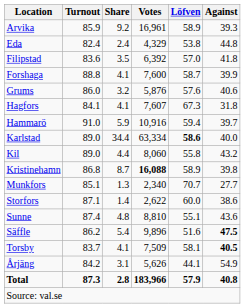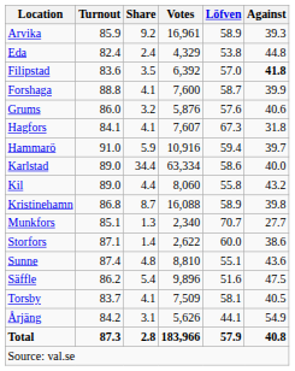 <table class="wikitable sortable" style=text-align:right>
 <tr>
 <th>Location</th>
 <th>Turnout</th>
 <th>Share</th>
 <th>Votes</th>
 <th><a href='#'>Löfven</a></th>
 <th>Against</th>
 </tr>
 <tr>
 <td align=left><a href='#'>Arvika</a></td>
 <td>85.9</td>
 <td>9.2</td>
 <td>16,961</td>
 <td>58.9</td>
 <td>39.3</td>
 </tr>
 <tr>
 <td align=left><a href='#'>Eda</a></td>
 <td>82.4</td>
 <td>2.4</td>
 <td>4,329</td>
 <td>53.8</td>
 <td>44.8</td>
 </tr>
 <tr>
 <td align=left><a href='#'>Filipstad</a></td>
 <td>83.6</td>
 <td>3.5</td>
 <td>6,392</td>
 <td>57.0</td>
-<td>41.8</td>
+<td><strong>41.8</strong></td>
 </tr>
 <tr>
 <td align=left><a href='#'>Forshaga</a></td>
 <td>88.8</td>
 <td>4.1</td>
 <td>7,600</td>
 <td>58.7</td>
 <td>39.9</td>
 </tr>
 <tr>
 <td align=left><a href='#'>Grums</a></td>
 <td>86.0</td>
 <td>3.2</td>
 <td>5,876</td>
 <td>57.6</td>
 <td>40.6</td>
 </tr>
 <tr>
 <td align=left><a href='#'>Hagfors</a></td>
 <td>84.1</td>
 <td>4.1</td>
 <td>7,607</td>
 <td>67.3</td>
 <td>31.8</td>
 </tr>
 <tr>
 <td align=left><a href='#'>Hammarö</a></td>
 <td>91.0</td>
 <td>5.9</td>
 <td>10,916</td>
 <td>59.4</td>
 <td>39.7</td>
 </tr>
 <tr>
 <td align=left><a href='#'>Karlstad</a></td>
 <td>89.0</td>
 <td>34.4</td>
 <td>63,334</td>
-<td><strong>58.6</strong></td>
+<td>58.6</td>
 <td>40.0</td>
 </tr>
 <tr>
 <td align=left><a href='#'>Kil</a></td>
 <td>89.0</td>
 <td>4.4</td>
 <td>8,060</td>
 <td>55.8</td>
 <td>43.2</td>
 </tr>
 <tr>
 <td align=left><a href='#'>Kristinehamn</a></td>
 <td>86.8</td>
 <td>8.7</td>
-<td><strong>16,088</strong></td>
+<td>16,088</td>
 <td>58.9</td>
 <td>39.8</td>
 </tr>
 <tr>
 <td align=left><a href='#'>Munkfors</a></td>
 <td>85.1</td>
 <td>1.3</td>
 <td>2,340</td>
 <td>70.7</td>
 <td>27.7</td>
 </tr>
 <tr>
 <td align=left><a href='#'>Storfors</a></td>
 <td>87.1</td>
 <td>1.4</td>
 <td>2,622</td>
 <td>60.0</td>
 <td>38.6</td>
 </tr>
 <tr>
 <td align=left><a href='#'>Sunne</a></td>
 <td>87.4</td>
 <td>4.8</td>
 <td>8,810</td>
 <td>55.1</td>
 <td>43.6</td>
 </tr>
 <tr>
 <td align=left><a href='#'>Säffle</a></td>
 <td>86.2</td>
 <td>5.4</td>
 <td>9,896</td>
 <td>51.6</td>
-<td><strong>47.5</strong></td>
+<td>47.5</td>
 </tr>
 <tr>
 <td align=left><a href='#'>Torsby</a></td>
 <td>83.7</td>
 <td>4.1</td>
 <td>7,509</td>
 <td>58.1</td>
-<td><strong>40.5</strong></td>
+<td>40.5</td>
 </tr>
 <tr>
 <td align=left><a href='#'>Årjäng</a></td>
 <td>84.2</td>
 <td>3.1</td>
 <td>5,626</td>
 <td>44.1</td>
 <td>54.9</td>
 </tr>
 <tr>
 <td align=left><strong>Total</strong></td>
 <td><strong>87.3</strong></td>
 <td><strong>2.8</strong></td>
 <td><strong>183,966</strong></td>
 <td><strong>57.9</strong></td>
 <td><strong>40.8</strong></td>
 </tr>
 <tr>
 <td align=left colspan=6>Source: val.se</td>
 </tr>
 </table>
